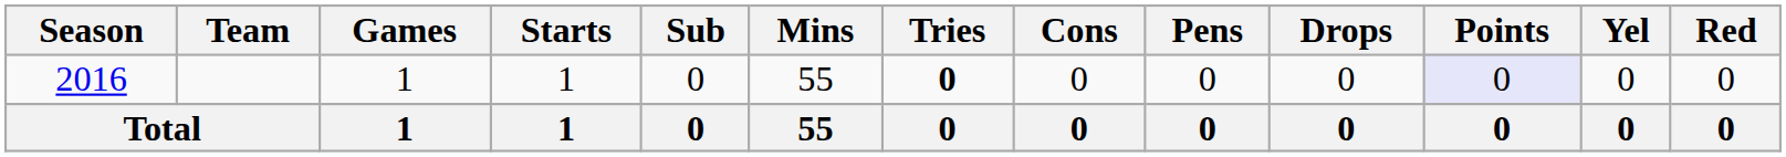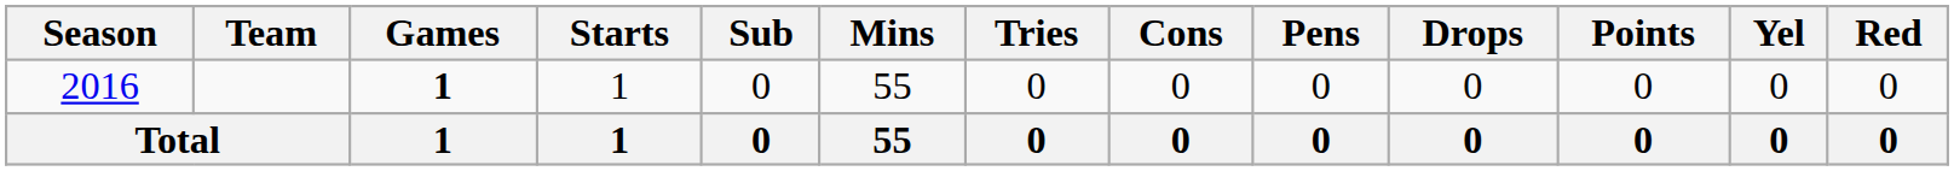 <table class="wikitable" style="text-align:center; line-height:90%; font-size:95%; width:60%;">
 <tr>
 <th>Season</th>
 <th>Team</th>
 <th>Games</th>
 <th>Starts</th>
 <th>Sub</th>
 <th>Mins</th>
 <th>Tries</th>
 <th>Cons</th>
 <th>Pens</th>
 <th>Drops</th>
 <th>Points</th>
 <th>Yel</th>
 <th>Red</th>
 </tr>
 <tr>
 <td><a href='#'>2016</a></td>
 <td></td>
-<td>1</td>
+<td><strong>1</strong></td>
 <td>1</td>
 <td>0</td>
 <td>55</td>
-<td><strong>0</strong></td>
 <td>0</td>
 <td>0</td>
 <td>0</td>
-<td style="background: lavender;">0</td>
+<td>0</td>
+<td>0</td>
 <td>0</td>
 <td>0</td>
 </tr>
 <tr>
 <th colspan="2">Total</th>
 <th>1</th>
 <th>1</th>
 <th>0</th>
 <th>55</th>
 <th>0</th>
 <th>0</th>
 <th>0</th>
 <th>0</th>
 <th>0</th>
 <th>0</th>
 <th>0</th>
 </tr>
 </table>
